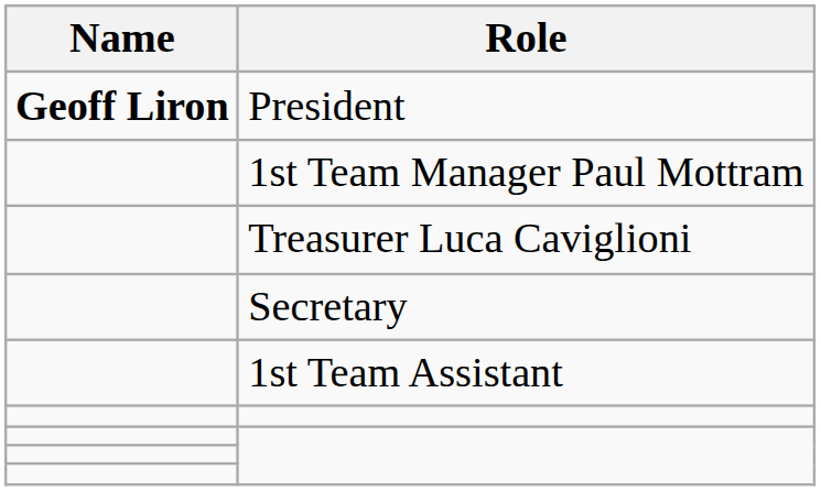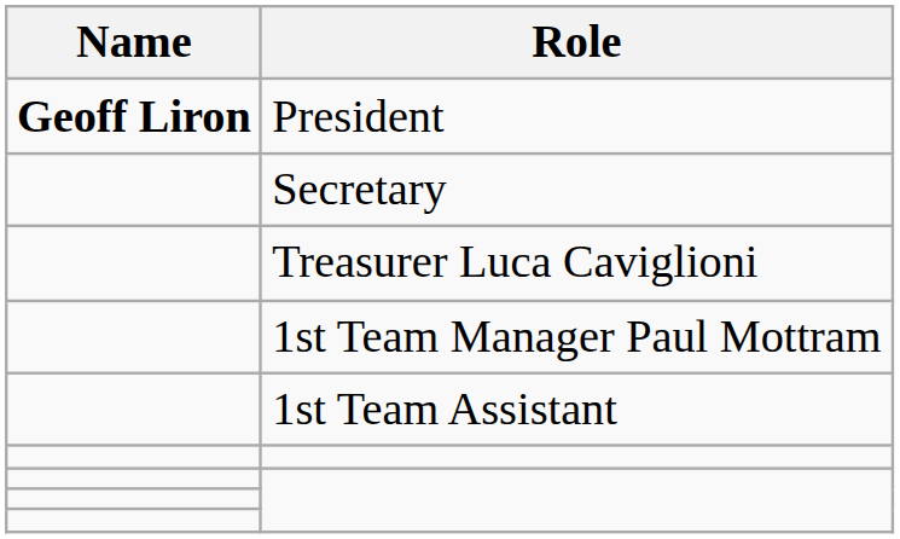 <table class="wikitable">
 <tr>
 <th>Name</th>
 <th>Role</th>
 </tr>
 <tr>
 <td><strong>Geoff Liron</strong></td>
 <td>President</td>
 </tr>
 <tr>
 <td></td>
-<td>1st Team Manager Paul Mottram</td>
+<td>Secretary</td>
 </tr>
 <tr>
 <td></td>
 <td>Treasurer Luca     Caviglioni</td>
 </tr>
 <tr>
 <td></td>
-<td>Secretary</td>
+<td>1st Team Manager Paul Mottram</td>
 </tr>
 <tr>
 <td></td>
 <td>1st Team Assistant</td>
 </tr>
 <tr>
 <td></td>
 <td></td>
 </tr>
 <tr>
 <td></td>
 </tr>
 <tr>
 <td></td>
 </tr>
 <tr>
 <td></td>
 </tr>
 </table>
